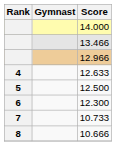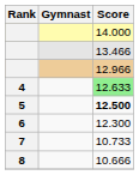 <table class="wikitable sortable" style="text-align:center; font-size:95%">
 <tr>
 <th scope=col>Rank</th>
 <th scope=col>Gymnast</th>
 <th scope=col>Score</th>
 </tr>
 <tr bgcolor=fffcaf>
 <th scope=row style="text-align:center"></th>
 <td align=left></td>
 <td>14.000</td>
 </tr>
 <tr bgcolor=e5e5e5>
 <th scope=row style="text-align:center"></th>
 <td align=left></td>
 <td>13.466</td>
 </tr>
 <tr bgcolor=eecc99>
 <th scope=row style="text-align:center"></th>
 <td align=left></td>
 <td>12.966</td>
 </tr>
 <tr>
 <th>4</th>
 <td align=left></td>
-<td>12.633</td>
+<td style="background: lightgreen;">12.633</td>
 </tr>
 <tr>
 <th>5</th>
 <td align=left></td>
-<td>12.500</td>
+<td><strong>12.500</strong></td>
 </tr>
 <tr>
 <th>6</th>
 <td align=left></td>
 <td>12.300</td>
 </tr>
 <tr>
 <th>7</th>
 <td align=left></td>
 <td>10.733</td>
 </tr>
 <tr>
 <th>8</th>
 <td align=left></td>
 <td>10.666</td>
 </tr>
 <tr>
 </tr>
 </table>
